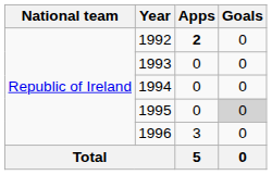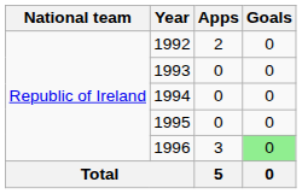 <table class="wikitable" style="text-align:center">
 <tr>
 <th>National team</th>
 <th>Year</th>
 <th>Apps</th>
 <th>Goals</th>
 </tr>
 <tr>
 <td rowspan="5"><a href='#'>Republic of Ireland</a></td>
 <td>1992</td>
-<td><strong>2</strong></td>
+<td>2</td>
 <td>0</td>
 </tr>
 <tr>
 <td>1993</td>
 <td>0</td>
 <td>0</td>
 </tr>
 <tr>
 <td>1994</td>
 <td>0</td>
 <td>0</td>
 </tr>
 <tr>
 <td>1995</td>
 <td>0</td>
-<td style="background: lightgrey;">0</td>
+<td>0</td>
 </tr>
 <tr>
 <td>1996</td>
 <td>3</td>
-<td>0</td>
+<td style="background: lightgreen;">0</td>
 </tr>
 <tr>
 <th colspan="2">Total</th>
 <th>5</th>
 <th>0</th>
 </tr>
 </table>
